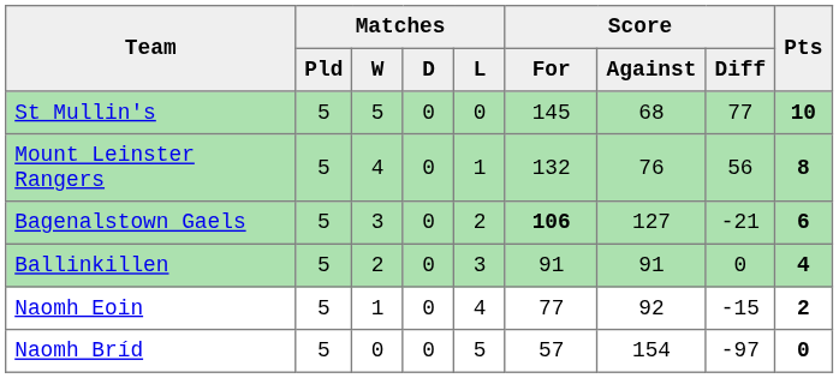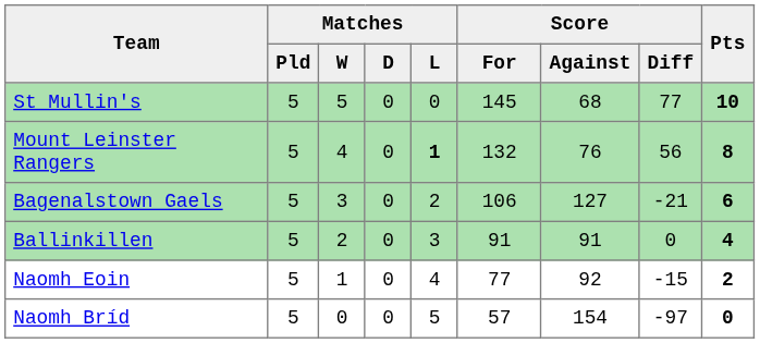 <table style=border-collapse:collapse border=1 cellspacing=0 cellpadding=5>
 <tr align=center bgcolor=#efefef>
 <th rowspan=2 width=165>Team</th>
 <th colspan=4>Matches</th>
 <th colspan=3>Score</th>
 <th rowspan=2width=20>Pts</th>
 </tr>
 <tr align=center bgcolor=#efefef>
 <th width=20>Pld</th>
 <th width=20>W</th>
 <th width=20>D</th>
 <th width=20>L</th>
 <th width=45>For</th>
 <th width=45>Against</th>
 <th width=30>Diff</th>
 </tr>
 <tr align=center style="background:#ACE1AF;">
 <td style="text-align:left;"><a href='#'>St Mullin's</a></td>
 <td>5</td>
 <td>5</td>
 <td>0</td>
 <td>0</td>
 <td>145</td>
 <td>68</td>
 <td>77</td>
 <td><strong>10</strong></td>
 </tr>
 <tr align=center style="background:#ACE1AF;">
 <td style="text-align:left;"><a href='#'>Mount Leinster Rangers</a></td>
 <td>5</td>
 <td>4</td>
 <td>0</td>
-<td>1</td>
+<td><strong>1</strong></td>
 <td>132</td>
 <td>76</td>
 <td>56</td>
 <td><strong>8</strong></td>
 </tr>
 <tr align=center style="background:#ACE1AF;">
 <td style="text-align:left;"><a href='#'>Bagenalstown Gaels</a></td>
 <td>5</td>
 <td>3</td>
 <td>0</td>
 <td>2</td>
-<td><strong>106</strong></td>
+<td>106</td>
 <td>127</td>
 <td>-21</td>
 <td><strong>6</strong></td>
 </tr>
 <tr align=center style="background:#ACE1AF;">
 <td style="text-align:left;"><a href='#'>Ballinkillen</a></td>
 <td>5</td>
 <td>2</td>
 <td>0</td>
 <td>3</td>
 <td>91</td>
 <td>91</td>
 <td>0</td>
 <td><strong>4</strong></td>
 </tr>
 <tr align=center>
 <td style="text-align:left;"><a href='#'>Naomh Eoin</a></td>
 <td>5</td>
 <td>1</td>
 <td>0</td>
 <td>4</td>
 <td>77</td>
 <td>92</td>
 <td>-15</td>
 <td><strong>2</strong></td>
 </tr>
 <tr align=center>
 <td style="text-align:left;"><a href='#'>Naomh Bríd</a></td>
 <td>5</td>
 <td>0</td>
 <td>0</td>
 <td>5</td>
 <td>57</td>
 <td>154</td>
 <td>-97</td>
 <td><strong>0</strong></td>
 </tr>
 </table>
